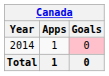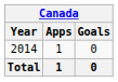 <table class="wikitable" style="text-align:center">
 <tr>
 <th colspan="3"><a href='#'>Canada</a></th>
 </tr>
 <tr>
 <th>Year</th>
 <th>Apps</th>
 <th>Goals</th>
 </tr>
 <tr>
 <td>2014</td>
 <td>1</td>
-<td style="background: pink;">0</td>
+<td>0</td>
 </tr>
 <tr>
 <th>Total</th>
 <th>1</th>
 <th>0</th>
 </tr>
 </table>
